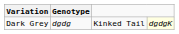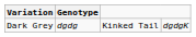 <table class="wikitable" style="margin:1em auto;">
 <tr>
 <th>Variation</th>
 <th>Genotype</th>
 </tr>
 <tr>
 <td>Dark Grey</td>
 <td><em>dgdg</em></td>
 <td>Kinked Tail</td>
-<td style="background: lightyellow;"><em>dgdgK</em></td>
+<td><em>dgdgK</em></td>
 </tr>
 </table>
